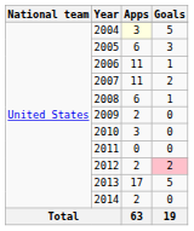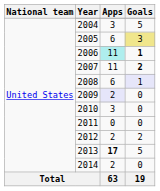 <table class="wikitable" style="text-align: center">
 <tr>
 <th>National team</th>
 <th>Year</th>
 <th>Apps</th>
 <th>Goals</th>
 </tr>
 <tr>
 <td rowspan="12"><a href='#'>United States</a></td>
 </tr>
 <tr>
 <td>2004</td>
-<td style="background: lightyellow;">3</td>
+<td>3</td>
 <td>5</td>
 </tr>
 <tr>
 <td>2005</td>
 <td>6</td>
-<td>3</td>
+<td style="background: khaki;">3</td>
 </tr>
 <tr>
 <td>2006</td>
-<td>11</td>
-<td>1</td>
+<td style="background: paleturquoise;">11</td>
+<td><strong>1</strong></td>
 </tr>
 <tr>
 <td>2007</td>
 <td>11</td>
-<td>2</td>
+<td><strong>2</strong></td>
 </tr>
 <tr>
 <td>2008</td>
 <td>6</td>
-<td>1</td>
+<td style="background: lavender;">1</td>
 </tr>
 <tr>
 <td>2009</td>
-<td>2</td>
+<td style="background: lavender;">2</td>
 <td>0</td>
 </tr>
 <tr>
 <td>2010</td>
 <td>3</td>
 <td>0</td>
 </tr>
 <tr>
 <td>2011</td>
 <td>0</td>
 <td>0</td>
 </tr>
 <tr>
 <td>2012</td>
 <td>2</td>
-<td style="background: pink;">2</td>
+<td>2</td>
 </tr>
 <tr>
 <td>2013</td>
-<td>17</td>
+<td><strong>17</strong></td>
 <td>5</td>
 </tr>
 <tr>
 <td>2014</td>
 <td>2</td>
 <td>0</td>
 </tr>
 <tr>
 <th colspan=2>Total</th>
 <th>63</th>
 <th>19</th>
 </tr>
 </table>
